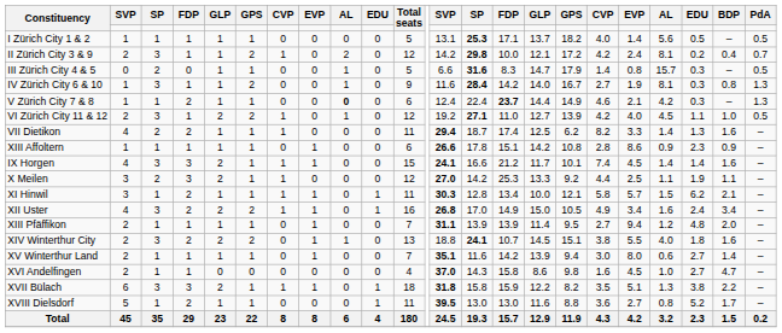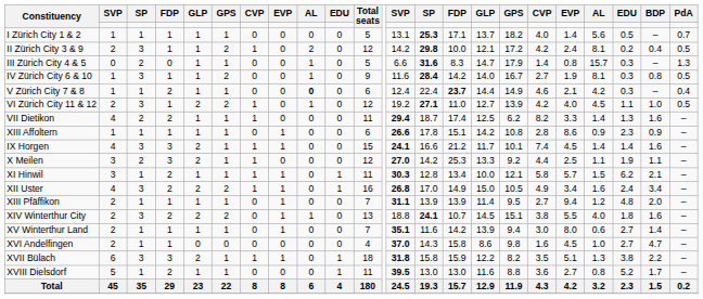 <table class="wikitable mw-datatable" style="text-align:center; font-size:85%; line-height:14px;">
 <tr>
 <th rowspan="2">Constituency</th>
 <th>SVP</th>
 <th>SP</th>
 <th>FDP</th>
 <th>GLP</th>
 <th>GPS</th>
 <th>CVP</th>
 <th>EVP</th>
 <th>AL</th>
 <th>EDU</th>
 <th rowspan="2">Total<br>seats</th>
 <td style="background-color:white;" rowspan=21></td>
 <th>SVP</th>
 <th>SP</th>
 <th>FDP</th>
 <th>GLP</th>
 <th>GPS</th>
 <th>CVP</th>
 <th>EVP</th>
 <th>AL</th>
 <th>EDU</th>
 <th>BDP</th>
 <th>PdA</th>
 </tr>
 <tr>
 <td style="width:35px; background-color:"></td>
 <td style="width:35px; background-color:"></td>
 <td style="width:35px; background-color:"></td>
 <td style="width:35px; background-color:"></td>
 <td style="width:35px; background-color:"></td>
 <td style="width:35px; background-color:"></td>
 <td style="width:35px; background-color:"></td>
 <td style="width:35px; background-color:"></td>
 <td style="width:35px; background-color:"></td>
 <td style="width:35px; background-color:"></td>
 <td style="width:35px; background-color:"></td>
 <td style="width:35px; background-color:"></td>
 <td style="width:35px; background-color:"></td>
 <td style="width:35px; background-color:"></td>
 <td style="width:35px; background-color:"></td>
 <td style="width:35px; background-color:"></td>
 <td style="width:35px; background-color:"></td>
 <td style="width:35px; background-color:"></td>
 <td style="width:35px; background-color:"></td>
 <td style="width:35px; background-color:"></td>
 </tr>
 <tr>
 <td align="left">I Zürich City 1 & 2</td>
 <td>1</td>
 <td>1</td>
 <td>1</td>
 <td>1</td>
 <td>1</td>
 <td>0</td>
 <td>0</td>
 <td>0</td>
 <td>0</td>
 <td>5</td>
 <td>13.1</td>
 <td style="background-color:#"><strong>25.3</strong></td>
 <td>17.1</td>
 <td>13.7</td>
 <td>18.2</td>
 <td>4.0</td>
 <td>1.4</td>
 <td>5.6</td>
 <td>0.5</td>
 <td>–</td>
-<td>0.5</td>
+<td>0.7</td>
 </tr>
 <tr>
 <td align="left">II Zürich City 3 & 9</td>
 <td>2</td>
 <td>3</td>
 <td>1</td>
 <td>1</td>
 <td>2</td>
 <td>1</td>
 <td>0</td>
 <td>2</td>
 <td>0</td>
 <td>12</td>
 <td>14.2</td>
 <td style="background-color:#"><strong>29.8</strong></td>
 <td>10.0</td>
 <td>12.1</td>
 <td>17.2</td>
 <td>4.2</td>
 <td>2.4</td>
 <td>8.1</td>
 <td>0.2</td>
 <td>0.4</td>
-<td>0.7</td>
+<td>0.5</td>
 </tr>
 <tr>
 <td align="left">III Zürich City 4 & 5</td>
 <td>0</td>
 <td>2</td>
 <td>0</td>
 <td>1</td>
 <td>1</td>
 <td>0</td>
 <td>0</td>
 <td>1</td>
 <td>0</td>
 <td>5</td>
 <td>6.6</td>
 <td style="background-color:#"><strong>31.6</strong></td>
 <td>8.3</td>
 <td>14.7</td>
 <td>17.9</td>
 <td>1.4</td>
 <td>0.8</td>
 <td>15.7</td>
 <td>0.3</td>
 <td>–</td>
-<td>0.5</td>
+<td>1.3</td>
 </tr>
 <tr>
 <td align="left">IV Zürich City 6 & 10</td>
 <td>1</td>
 <td>3</td>
 <td>1</td>
 <td>1</td>
 <td>2</td>
 <td>0</td>
 <td>0</td>
 <td>1</td>
 <td>0</td>
 <td>9</td>
 <td>11.6</td>
 <td style="background-color:#"><strong>28.4</strong></td>
 <td>14.2</td>
 <td>14.0</td>
 <td>16.7</td>
 <td>2.7</td>
 <td>1.9</td>
 <td>8.1</td>
 <td>0.3</td>
 <td>0.8</td>
-<td>1.3</td>
+<td>0.5</td>
 </tr>
 <tr>
 <td align="left">V Zürich City 7 & 8</td>
 <td>1</td>
 <td>1</td>
 <td>2</td>
 <td>1</td>
 <td>1</td>
 <td>0</td>
 <td>0</td>
 <td><strong>0</strong></td>
 <td>0</td>
 <td>6</td>
 <td>12.4</td>
 <td>22.4</td>
 <td style="background-color:#"><strong>23.7</strong></td>
 <td>14.4</td>
 <td>14.9</td>
 <td>4.6</td>
 <td>2.1</td>
 <td>4.2</td>
 <td>0.3</td>
 <td>–</td>
-<td>1.3</td>
+<td>0.4</td>
 </tr>
 <tr>
 <td align="left">VI Zürich City 11 & 12</td>
 <td>2</td>
 <td>3</td>
 <td>1</td>
 <td>2</td>
 <td>2</td>
 <td>1</td>
 <td>0</td>
 <td>1</td>
 <td>0</td>
 <td>12</td>
 <td>19.2</td>
 <td style="background-color:#"><strong>27.1</strong></td>
 <td>11.0</td>
 <td>12.7</td>
 <td>13.9</td>
 <td>4.2</td>
 <td>4.0</td>
 <td>4.5</td>
 <td>1.1</td>
 <td>1.0</td>
 <td>0.5</td>
 </tr>
 <tr>
 <td align="left">VII Dietikon</td>
 <td>4</td>
 <td>2</td>
 <td>2</td>
 <td>1</td>
 <td>1</td>
 <td>1</td>
 <td>0</td>
 <td>0</td>
 <td>0</td>
 <td>11</td>
 <td style="background-color:#"><strong>29.4</strong></td>
 <td>18.7</td>
 <td>17.4</td>
 <td>12.5</td>
 <td>6.2</td>
 <td>8.2</td>
 <td>3.3</td>
 <td>1.4</td>
 <td>1.3</td>
 <td>1.6</td>
 <td>–</td>
 </tr>
 <tr>
 <td align="left">XIII Affoltern</td>
 <td>1</td>
 <td>1</td>
 <td>1</td>
 <td>1</td>
 <td>1</td>
 <td>0</td>
 <td>1</td>
 <td>0</td>
 <td>0</td>
 <td>6</td>
 <td style="background-color:#"><strong>26.6</strong></td>
 <td>17.8</td>
 <td>15.1</td>
 <td>14.2</td>
 <td>10.8</td>
 <td>2.8</td>
 <td>8.6</td>
 <td>0.9</td>
 <td>2.3</td>
 <td>0.9</td>
 <td>–</td>
 </tr>
 <tr>
 <td align="left">IX Horgen</td>
 <td>4</td>
 <td>3</td>
 <td>3</td>
 <td>2</td>
 <td>1</td>
 <td>1</td>
 <td>1</td>
 <td>0</td>
 <td>0</td>
 <td>15</td>
 <td style="background-color:#"><strong>24.1</strong></td>
 <td>16.6</td>
 <td>21.2</td>
 <td>11.7</td>
 <td>10.1</td>
 <td>7.4</td>
 <td>4.5</td>
 <td>1.4</td>
 <td>1.4</td>
 <td>1.6</td>
 <td>–</td>
 </tr>
 <tr>
 <td align="left">X Meilen</td>
 <td>3</td>
 <td>2</td>
 <td>3</td>
 <td>2</td>
 <td>1</td>
 <td>1</td>
 <td>0</td>
 <td>0</td>
 <td>0</td>
 <td>12</td>
 <td style="background-color:#"><strong>27.0</strong></td>
 <td>14.2</td>
 <td>25.3</td>
 <td>13.3</td>
 <td>9.2</td>
 <td>4.4</td>
 <td>2.5</td>
 <td>1.1</td>
 <td>1.9</td>
 <td>1.1</td>
 <td>–</td>
 </tr>
 <tr>
 <td align="left">XI Hinwil</td>
 <td>3</td>
 <td>1</td>
 <td>2</td>
 <td>1</td>
 <td>1</td>
 <td>1</td>
 <td>1</td>
 <td>0</td>
 <td>1</td>
 <td>11</td>
 <td style="background-color:#"><strong>30.3</strong></td>
 <td>12.8</td>
 <td>13.4</td>
 <td>10.0</td>
 <td>12.1</td>
 <td>5.8</td>
 <td>5.7</td>
 <td>1.5</td>
 <td>6.2</td>
 <td>2.1</td>
 <td>–</td>
 </tr>
 <tr>
 <td align="left">XII Uster</td>
 <td>4</td>
 <td>3</td>
 <td>2</td>
 <td>2</td>
 <td>2</td>
 <td>1</td>
 <td>1</td>
 <td>0</td>
 <td>1</td>
 <td>16</td>
 <td style="background-color:#"><strong>26.8</strong></td>
 <td>17.0</td>
 <td>14.9</td>
 <td>15.0</td>
 <td>10.5</td>
 <td>4.9</td>
 <td>3.4</td>
 <td>1.6</td>
 <td>2.4</td>
 <td>3.4</td>
 <td>–</td>
 </tr>
 <tr>
 <td align="left">XIII Pfäffikon</td>
 <td>2</td>
 <td>1</td>
 <td>1</td>
 <td>1</td>
 <td>1</td>
 <td>0</td>
 <td>1</td>
 <td>0</td>
 <td>0</td>
 <td>7</td>
 <td style="background-color:#"><strong>31.1</strong></td>
 <td>13.9</td>
 <td>13.9</td>
 <td>11.4</td>
 <td>9.5</td>
 <td>2.7</td>
 <td>9.4</td>
 <td>1.2</td>
 <td>4.8</td>
 <td>2.0</td>
 <td>–</td>
 </tr>
 <tr>
 <td align="left">XIV Winterthur City</td>
 <td>2</td>
 <td>3</td>
 <td>2</td>
 <td>2</td>
 <td>2</td>
 <td>0</td>
 <td>1</td>
 <td>1</td>
 <td>0</td>
 <td>13</td>
 <td>18.8</td>
 <td style="background-color:#"><strong>24.1</strong></td>
 <td>10.7</td>
 <td>14.5</td>
 <td>15.1</td>
 <td>3.8</td>
 <td>5.5</td>
 <td>4.0</td>
 <td>1.8</td>
 <td>1.6</td>
 <td>–</td>
 </tr>
 <tr>
 <td align="left">XV Winterthur Land</td>
 <td>2</td>
 <td>1</td>
 <td>1</td>
 <td>1</td>
 <td>1</td>
 <td>0</td>
 <td>1</td>
 <td>0</td>
 <td>0</td>
 <td>7</td>
 <td style="background-color:#"><strong>35.1</strong></td>
 <td>11.6</td>
 <td>14.2</td>
 <td>13.9</td>
 <td>9.4</td>
 <td>3.0</td>
 <td>8.0</td>
 <td>0.6</td>
 <td>2.7</td>
 <td>1.4</td>
 <td>–</td>
 </tr>
 <tr>
 <td align="left">XVI Andelfingen</td>
 <td>2</td>
 <td>1</td>
 <td>1</td>
 <td>0</td>
 <td>0</td>
 <td>0</td>
 <td>0</td>
 <td>0</td>
 <td>0</td>
 <td>4</td>
 <td style="background-color:#"><strong>37.0</strong></td>
 <td>14.3</td>
 <td>15.8</td>
 <td>8.6</td>
 <td>9.8</td>
 <td>1.6</td>
 <td>4.5</td>
 <td>1.0</td>
 <td>2.7</td>
 <td>4.7</td>
 <td>–</td>
 </tr>
 <tr>
 <td align="left">XVII Bülach</td>
 <td>6</td>
 <td>3</td>
 <td>3</td>
 <td>2</td>
 <td>1</td>
 <td>1</td>
 <td>1</td>
 <td>0</td>
 <td>1</td>
 <td>18</td>
 <td style="background-color:#"><strong>31.8</strong></td>
 <td>15.8</td>
 <td>15.9</td>
 <td>12.2</td>
 <td>8.2</td>
 <td>3.5</td>
 <td>5.1</td>
 <td>1.3</td>
 <td>3.8</td>
 <td>2.2</td>
 <td>–</td>
 </tr>
 <tr>
 <td align="left">XVIII Dielsdorf</td>
 <td>5</td>
 <td>1</td>
 <td>2</td>
 <td>1</td>
 <td>1</td>
 <td>0</td>
 <td>0</td>
 <td>0</td>
 <td>1</td>
 <td>11</td>
 <td style="background-color:#"><strong>39.5</strong></td>
 <td>13.0</td>
 <td>13.0</td>
 <td>11.6</td>
 <td>8.8</td>
 <td>3.6</td>
 <td>2.7</td>
 <td>0.8</td>
 <td>5.2</td>
 <td>1.7</td>
 <td>–</td>
 </tr>
 <tr>
 <th>Total</th>
 <th>45</th>
 <th>35</th>
 <th>29</th>
 <th>23</th>
 <th>22</th>
 <th>8</th>
 <th>8</th>
 <th>6</th>
 <th>4</th>
 <th>180</th>
 <th style="background-color:#"><strong>24.5</strong></th>
 <th>19.3</th>
 <th>15.7</th>
 <th>12.9</th>
 <th>11.9</th>
 <th>4.3</th>
 <th>4.2</th>
 <th>3.2</th>
 <th>2.3</th>
 <th>1.5</th>
 <th>0.2</th>
 </tr>
 <tr>
 </tr>
 </table>
